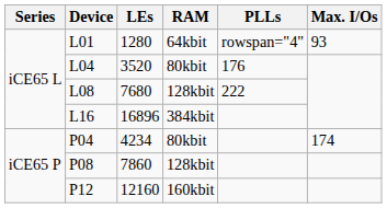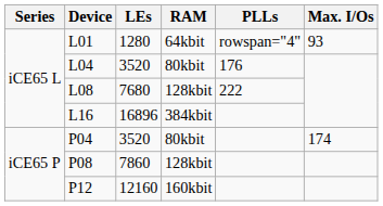 <table class="wikitable floatright">
 <tr>
 <th>Series</th>
 <th>Device</th>
 <th>LEs</th>
 <th>RAM</th>
 <th>PLLs</th>
 <th>Max. I/Os</th>
 </tr>
 <tr>
 <td rowspan="4">iCE65 L</td>
 <td>L01</td>
 <td> 1280</td>
 <td> 64kbit</td>
 <td>rowspan="4" </td>
 <td> 93</td>
 </tr>
 <tr>
 <td>L04</td>
 <td> 3520</td>
 <td> 80kbit</td>
 <td> 176</td>
 </tr>
 <tr>
 <td>L08</td>
 <td> 7680</td>
 <td> 128kbit</td>
 <td> 222</td>
 </tr>
 <tr>
 <td>L16</td>
 <td> 16896</td>
 <td> 384kbit</td>
 <td></td>
 </tr>
 <tr>
 <td rowspan="3">iCE65 P</td>
 <td>P04</td>
-<td> 4234</td>
+<td> 3520</td>
 <td> 80kbit</td>
 <td></td>
 <td> 174</td>
 </tr>
 <tr>
 <td>P08</td>
 <td> 7860</td>
 <td> 128kbit</td>
 <td></td>
 <td></td>
 </tr>
 <tr>
 <td>P12</td>
 <td> 12160</td>
 <td> 160kbit</td>
 <td></td>
 <td></td>
 </tr>
 </table>
